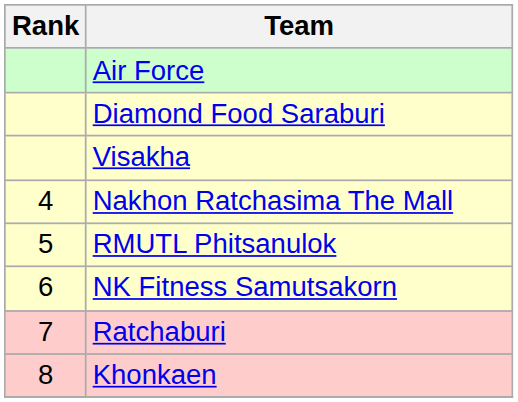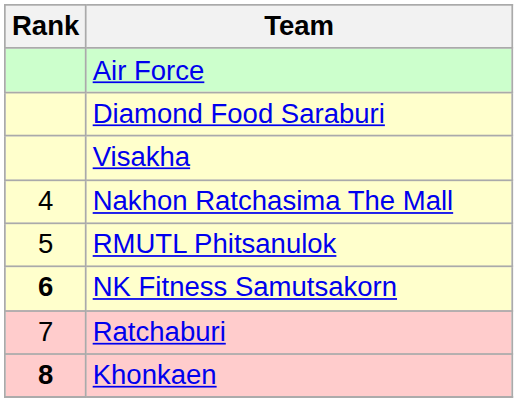 <table class="wikitable" style="text-align: center;">
 <tr>
 <th width=40>Rank</th>
 <th width=240>Team</th>
 </tr>
 <tr bgcolor=#ccffcc>
 <td></td>
 <td align=left><a href='#'>Air Force</a></td>
 </tr>
 <tr bgcolor=#ffffcc>
 <td></td>
 <td align=left><a href='#'>Diamond Food Saraburi</a></td>
 </tr>
 <tr bgcolor=#ffffcc>
 <td></td>
 <td align=left><a href='#'>Visakha</a></td>
 </tr>
 <tr bgcolor=#ffffcc>
 <td>4</td>
 <td align=left><a href='#'>Nakhon Ratchasima The Mall</a></td>
 </tr>
 <tr bgcolor=#ffffcc>
 <td>5</td>
 <td align=left><a href='#'>RMUTL Phitsanulok</a></td>
 </tr>
 <tr bgcolor=#ffffcc>
-<td>6</td>
+<td><strong>6</strong></td>
 <td align=left><a href='#'>NK Fitness Samutsakorn</a></td>
 </tr>
 <tr bgcolor=#ffcccc>
 <td>7</td>
 <td align=left><a href='#'>Ratchaburi</a></td>
 </tr>
 <tr bgcolor=#ffcccc>
-<td>8</td>
+<td><strong>8</strong></td>
 <td align=left><a href='#'>Khonkaen</a></td>
 </tr>
 <tr>
 </tr>
 </table>
